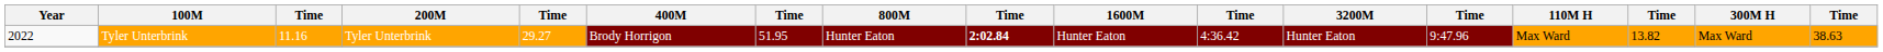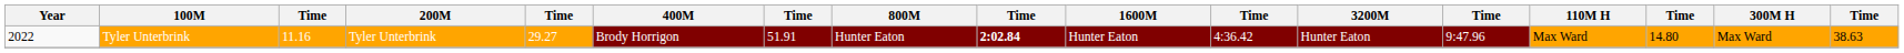 <table class="wikitable sortable" style="width: 100%; font-size: 85%;">
 <tr>
 <th width="5%">Year</th>
 <th>100M</th>
 <th>Time</th>
 <th>200M</th>
 <th>Time</th>
 <th>400M</th>
 <th>Time</th>
 <th>800M</th>
 <th>Time</th>
 <th>1600M</th>
 <th>Time</th>
 <th>3200M</th>
 <th>Time</th>
 <th>110M H</th>
 <th>Time</th>
 <th>300M H</th>
 <th>Time</th>
 </tr>
 <tr>
 <td>2022</td>
 <td !align=center style="background:orange;color:white">Tyler Unterbrink</td>
 <td !align=center style="background:orange;color:white">11.16</td>
 <td !align=center style="background:orange;color:white">Tyler Unterbrink</td>
 <td !align=center style="background:orange;color:white">29.27</td>
 <td !align=center style="background:maroon;color:white">Brody Horrigon</td>
-<td !align=center style="background:maroon;color:white">51.95</td>
+<td !align=center style="background:maroon;color:white">51.91</td>
 <td !align=center style="background:maroon;color:white">Hunter Eaton</td>
 <td !align=center style="background:maroon;color:white"><strong>2:02.84</strong></td>
 <td !align=center style="background:maroon;color:white">Hunter Eaton</td>
 <td !align=center style="background:maroon;color:white">4:36.42</td>
 <td !align=center style="background:maroon;color:white">Hunter Eaton</td>
 <td !align=center style="background:maroon;color:white">9:47.96</td>
 <td !align=center style="background:orange;color:black">Max Ward</td>
-<td !align=center style="background:orange;color:black">13.82</td>
+<td !align=center style="background:orange;color:black">14.80</td>
 <td !align=center style="background:orange;color:black">Max Ward</td>
 <td !align=center style="background:orange;color:black">38.63</td>
 </tr>
 <tr>
 </tr>
 </table>
